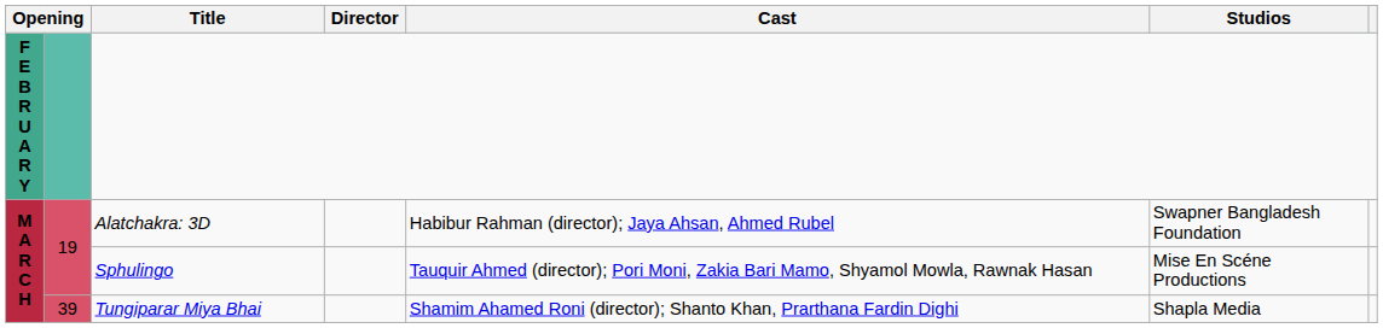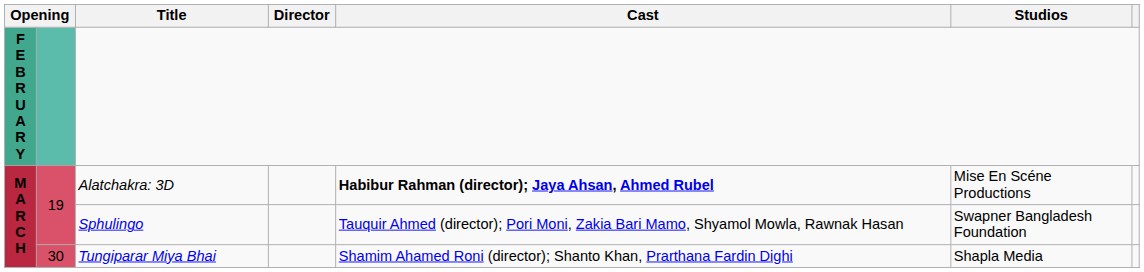 <table class="wikitable sortable">
 <tr style="background:#b0e0e6; text-align:center"y>
 <th colspan="2">Opening</th>
 <th style="width:17%">Title</th>
 <th>Director</th>
 <th>Cast</th>
 <th style="width:16%">Studios</th>
 <th></th>
 </tr>
 <tr>
 <th rowspan="1" style="text-align:center; background:#41A88E; text color:#000;">F<br>E<br>B<br>R<br>U<br>A<br>R<br>Y</th>
 <td rowspan="1" style="text-align:center; background:#5CBCAB"></td>
 </tr>
 <tr>
 <th rowspan="3" style="text-align:center; background:#BA2741; text color:#000;">M<br>A<br>R<br>C<br>H</th>
 <td rowspan="2" style="text-align:center; background:#DA5269">19</td>
 <td><em>Alatchakra: 3D</em></td>
 <td></td>
-<td>Habibur Rahman (director); <a href='#'>Jaya Ahsan</a>, <a href='#'>Ahmed Rubel</a></td>
-<td>Swapner Bangladesh Foundation</td>
+<td><strong>Habibur Rahman (director); <a href='#'>Jaya Ahsan</a>, <a href='#'>Ahmed Rubel</a></strong></td>
+<td>Mise En Scéne Productions</td>
 <td></td>
 </tr>
 <tr>
 <td><em><a href='#'>Sphulingo</a></em></td>
 <td></td>
 <td><a href='#'>Tauquir Ahmed</a> (director); <a href='#'>Pori Moni</a>, <a href='#'>Zakia Bari Mamo</a>, Shyamol Mowla, Rawnak Hasan</td>
-<td>Mise En Scéne Productions</td>
+<td>Swapner Bangladesh Foundation</td>
 <td></td>
 </tr>
 <tr>
-<td rowspan="1" style="text-align:center; background:#DA5269">39</td>
+<td rowspan="1" style="text-align:center; background:#DA5269">30</td>
 <td><em><a href='#'>Tungiparar Miya Bhai</a></em></td>
 <td></td>
 <td><a href='#'>Shamim Ahamed Roni</a> (director); Shanto Khan, <a href='#'>Prarthana Fardin Dighi</a></td>
 <td>Shapla Media</td>
 <td></td>
 </tr>
 </table>
